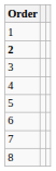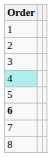 <table class="wikitable" style="margin: auto;">
 <tr>
 <th>Order</th>
 <th></th>
 <th></th>
 </tr>
 <tr>
 <td>1</td>
 <td></td>
 <td></td>
 </tr>
 <tr>
-<td><strong>2</strong></td>
+<td>2</td>
 <td></td>
 <td></td>
 </tr>
 <tr>
 <td>3</td>
 <td></td>
 <td></td>
 </tr>
 <tr>
-<td>4</td>
+<td style="background: paleturquoise;">4</td>
 <td></td>
 <td></td>
 </tr>
 <tr>
 <td>5</td>
 <td></td>
 <td></td>
 </tr>
 <tr>
-<td>6</td>
+<td><strong>6</strong></td>
 <td></td>
 <td></td>
 </tr>
 <tr>
 <td>7</td>
 <td></td>
 <td></td>
 </tr>
 <tr>
 <td>8</td>
 <td></td>
 <td></td>
 </tr>
 </table>
